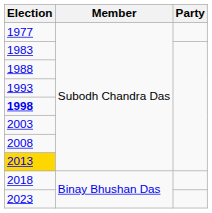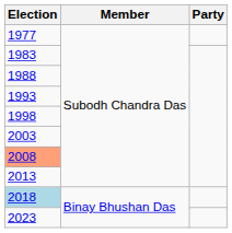 <table class="wikitable sortable">
 <tr>
 <th>Election</th>
 <th>Member</th>
 <th colspan=2>Party</th>
 </tr>
 <tr>
 <td><a href='#'>1977</a></td>
 <td rowspan=8>Subodh Chandra Das</td>
 <td></td>
 </tr>
 <tr>
 <td><a href='#'>1983</a></td>
 </tr>
 <tr>
 <td><a href='#'>1988</a></td>
 </tr>
 <tr>
 <td><a href='#'>1993</a></td>
 </tr>
 <tr>
-<td><strong><a href='#'>1998</a></strong></td>
+<td><a href='#'>1998</a></td>
 </tr>
 <tr>
 <td><a href='#'>2003</a></td>
 </tr>
 <tr>
-<td><a href='#'>2008</a></td>
+<td style="background: lightsalmon;"><a href='#'>2008</a></td>
 </tr>
 <tr>
-<td style="background: gold;"><a href='#'>2013</a></td>
+<td><a href='#'>2013</a></td>
 </tr>
 <tr>
-<td><a href='#'>2018</a></td>
+<td style="background: lightblue;"><a href='#'>2018</a></td>
 <td rowspan=2><a href='#'>Binay Bhushan Das</a></td>
 <td></td>
 </tr>
 <tr>
 <td><a href='#'>2023</a></td>
 </tr>
 </table>
